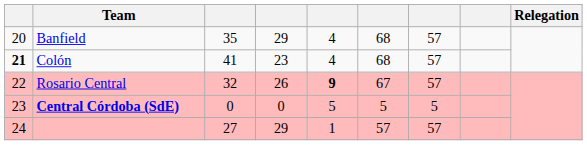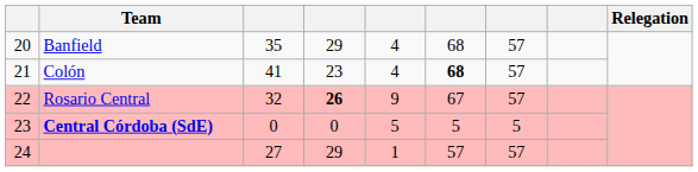 <table class="wikitable sortable" style="text-align: center;">
 <tr>
 <th width=25></th>
 <th width=185>Team</th>
 <th width=50></th>
 <th width=50></th>
 <th width=50></th>
 <th width=50></th>
 <th width=50></th>
 <th width=50></th>
 <th>Relegation</th>
 </tr>
 <tr>
 <td>20</td>
 <td align="left"><a href='#'>Banfield</a></td>
 <td>35</td>
 <td>29</td>
 <td>4</td>
 <td>68</td>
 <td>57</td>
 <td><strong></strong></td>
 </tr>
 <tr>
-<td><strong>21</strong></td>
+<td>21</td>
 <td align="left"><a href='#'>Colón</a></td>
 <td>41</td>
 <td>23</td>
 <td>4</td>
-<td>68</td>
+<td><strong>68</strong></td>
 <td>57</td>
 <td><strong></strong></td>
 </tr>
 <tr bgcolor=#FFBBBB>
 <td>22</td>
 <td align="left"><a href='#'>Rosario Central</a></td>
 <td>32</td>
-<td>26</td>
-<td><strong>9</strong></td>
+<td><strong>26</strong></td>
+<td>9</td>
 <td>67</td>
 <td>57</td>
 <td><strong></strong></td>
 <td rowspan=3></td>
 </tr>
 <tr bgcolor=#FFBBBB>
 <td>23</td>
 <td align="left"><strong><a href='#'>Central Córdoba (SdE)</a></strong></td>
 <td>0</td>
 <td>0</td>
 <td>5</td>
 <td>5</td>
 <td>5</td>
 <td><strong></strong></td>
 </tr>
 <tr bgcolor=#FFBBBB>
 <td>24</td>
 <td align="left"></td>
 <td>27</td>
 <td>29</td>
 <td>1</td>
 <td>57</td>
 <td>57</td>
 <td><strong></strong></td>
 </tr>
 </table>
